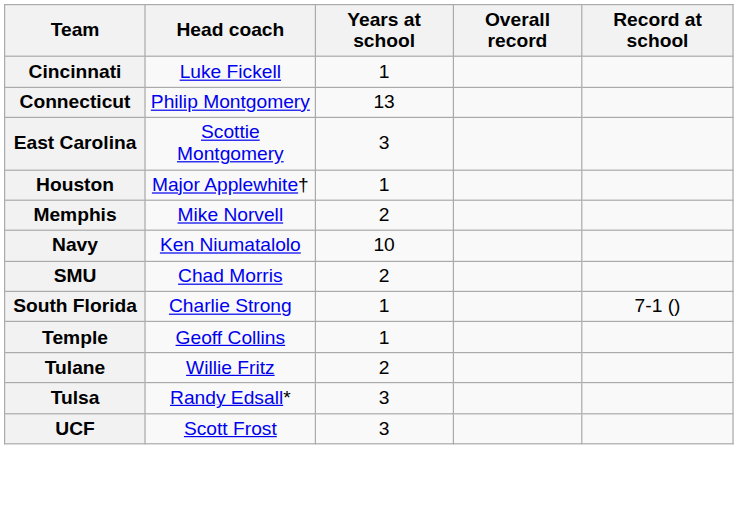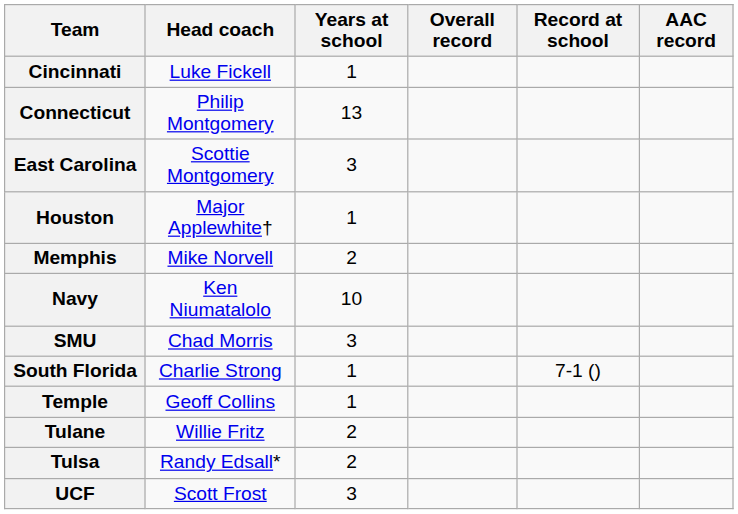 <table class="wikitable sortable" style="text-align: center;">
 <tr>
 <th width="110">Team</th>
 <th>Head coach</th>
 <th>Years at school</th>
 <th>Overall record</th>
 <th>Record at school</th>
+<th>AAC record</th>
 </tr>
 <tr>
 <th>Cincinnati</th>
 <td><a href='#'>Luke Fickell</a></td>
 <td>1</td>
+<td data-sort-value=></td>
 <td data-sort-value=></td>
 <td data-sort-value=></td>
 </tr>
 <tr>
 <th>Connecticut</th>
 <td><a href='#'>Philip Montgomery</a></td>
 <td>13</td>
 <td data-sort-value=></td>
 <td data-sort-value=></td>
+<td data-sort-value=></td>
 </tr>
 <tr>
 <th>East Carolina</th>
 <td><a href='#'>Scottie Montgomery</a></td>
 <td>3</td>
+<td data-sort-value=></td>
 <td data-sort-value=></td>
 <td data-sort-value=></td>
 </tr>
 <tr>
 <th>Houston</th>
 <td><a href='#'>Major Applewhite</a>†</td>
 <td>1</td>
 <td data-sort-value=></td>
 <td data-sort-value=></td>
+<td data-sort-value=></td>
 </tr>
 <tr>
 <th>Memphis</th>
 <td><a href='#'>Mike Norvell</a></td>
 <td>2</td>
+<td data-sort-value=></td>
 <td data-sort-value=></td>
 <td data-sort-value=></td>
 </tr>
 <tr>
 <th>Navy</th>
 <td><a href='#'>Ken Niumatalolo</a></td>
 <td>10</td>
 <td data-sort-value=></td>
 <td data-sort-value=></td>
+<td data-sort-value=></td>
 </tr>
 <tr>
 <th>SMU</th>
 <td><a href='#'>Chad Morris</a></td>
-<td>2</td>
+<td>3</td>
+<td data-sort-value=></td>
 <td data-sort-value=></td>
 <td data-sort-value=></td>
 </tr>
 <tr>
 <th>South Florida</th>
 <td><a href='#'>Charlie Strong</a></td>
 <td>1</td>
 <td data-sort-value=></td>
 <td data-sort-value=>7-1 ()</td>
+<td data-sort-value=></td>
 </tr>
 <tr>
 <th>Temple</th>
 <td><a href='#'>Geoff Collins</a></td>
 <td>1</td>
+<td data-sort-value=></td>
 <td data-sort-value=></td>
 <td data-sort-value=></td>
 </tr>
 <tr>
 <th>Tulane</th>
 <td><a href='#'>Willie Fritz</a></td>
 <td>2</td>
 <td data-sort-value=></td>
 <td data-sort-value=></td>
+<td data-sort-value=></td>
 </tr>
 <tr>
 <th>Tulsa</th>
 <td><a href='#'>Randy Edsall</a>*</td>
-<td>3</td>
+<td>2</td>
+<td data-sort-value=></td>
 <td data-sort-value=></td>
 <td data-sort-value=></td>
 </tr>
 <tr>
 <th>UCF</th>
 <td><a href='#'>Scott Frost</a></td>
 <td>3</td>
 <td data-sort-value=></td>
 <td data-sort-value=></td>
+<td data-sort-value=></td>
 </tr>
 </table>
